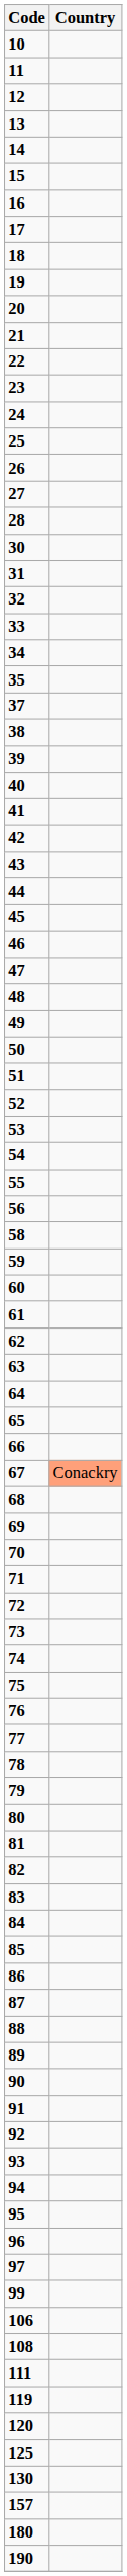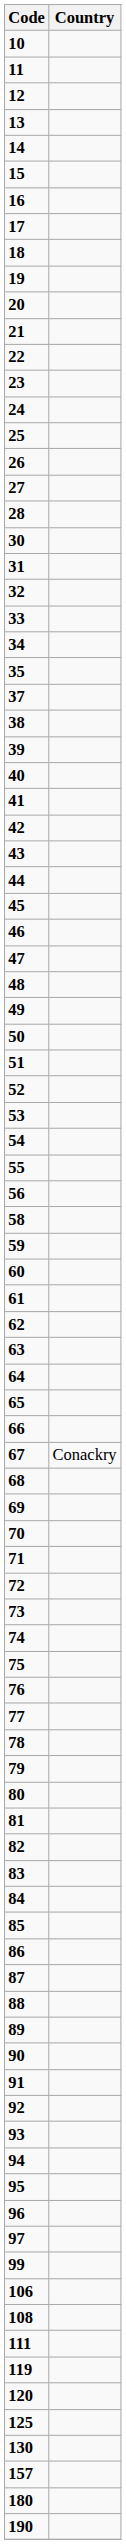 <table class="wikitable sortable mw-collapsible mw-collapsed">
 <tr>
 <th>Code</th>
 <th>Country</th>
 </tr>
 <tr>
 <td><strong>10</strong></td>
 <td></td>
 </tr>
 <tr>
 <td><strong>11</strong></td>
 <td></td>
 </tr>
 <tr>
 <td><strong>12</strong></td>
 <td></td>
 </tr>
 <tr>
 <td><strong>13</strong></td>
 <td></td>
 </tr>
 <tr>
 <td><strong>14</strong></td>
 <td></td>
 </tr>
 <tr>
 <td><strong>15</strong></td>
 <td></td>
 </tr>
 <tr>
 <td><strong>16</strong></td>
 <td></td>
 </tr>
 <tr>
 <td><strong>17</strong></td>
 <td></td>
 </tr>
 <tr>
 <td><strong>18</strong></td>
 <td></td>
 </tr>
 <tr>
 <td><strong>19</strong></td>
 <td></td>
 </tr>
 <tr>
 <td><strong>20</strong></td>
 <td></td>
 </tr>
 <tr>
 <td><strong>21</strong></td>
 <td></td>
 </tr>
 <tr>
 <td><strong>22</strong></td>
 <td></td>
 </tr>
 <tr>
 <td><strong>23</strong></td>
 <td></td>
 </tr>
 <tr>
 <td><strong>24</strong></td>
 <td></td>
 </tr>
 <tr>
 <td><strong>25</strong></td>
 <td></td>
 </tr>
 <tr>
 <td><strong>26</strong></td>
 <td></td>
 </tr>
 <tr>
 <td><strong>27</strong></td>
 <td></td>
 </tr>
 <tr>
 <td><strong>28</strong></td>
 <td></td>
 </tr>
 <tr>
 <td><strong>30</strong></td>
 <td></td>
 </tr>
 <tr>
 <td><strong>31</strong></td>
 <td></td>
 </tr>
 <tr>
 <td><strong>32</strong></td>
 <td></td>
 </tr>
 <tr>
 <td><strong>33</strong></td>
 <td></td>
 </tr>
 <tr>
 <td><strong>34</strong></td>
 <td></td>
 </tr>
 <tr>
 <td><strong>35</strong></td>
 <td></td>
 </tr>
 <tr>
 <td><strong>37</strong></td>
 <td></td>
 </tr>
 <tr>
 <td><strong>38</strong></td>
 <td></td>
 </tr>
 <tr>
 <td><strong>39</strong></td>
 <td></td>
 </tr>
 <tr>
 <td><strong>40</strong></td>
 <td></td>
 </tr>
 <tr>
 <td><strong>41</strong></td>
 <td></td>
 </tr>
 <tr>
 <td><strong>42</strong></td>
 <td></td>
 </tr>
 <tr>
 <td><strong>43</strong></td>
 <td></td>
 </tr>
 <tr>
 <td><strong>44</strong></td>
 <td></td>
 </tr>
 <tr>
 <td><strong>45</strong></td>
 <td></td>
 </tr>
 <tr>
 <td><strong>46</strong></td>
 <td></td>
 </tr>
 <tr>
 <td><strong>47</strong></td>
 <td></td>
 </tr>
 <tr>
 <td><strong>48</strong></td>
 <td></td>
 </tr>
 <tr>
 <td><strong>49</strong></td>
 <td></td>
 </tr>
 <tr>
 <td><strong>50</strong></td>
 <td></td>
 </tr>
 <tr>
 <td><strong>51</strong></td>
 <td></td>
 </tr>
 <tr>
 <td><strong>52</strong></td>
 <td></td>
 </tr>
 <tr>
 <td><strong>53</strong></td>
 <td></td>
 </tr>
 <tr>
 <td><strong>54</strong></td>
 <td></td>
 </tr>
 <tr>
 <td><strong>55</strong></td>
 <td></td>
 </tr>
 <tr>
 <td><strong>56</strong></td>
 <td></td>
 </tr>
 <tr>
 <td><strong>58</strong></td>
 <td></td>
 </tr>
 <tr>
 <td><strong>59</strong></td>
 <td></td>
 </tr>
 <tr>
 <td><strong>60</strong></td>
 <td></td>
 </tr>
 <tr>
 <td><strong>61</strong></td>
 <td></td>
 </tr>
 <tr>
 <td><strong>62</strong></td>
 <td></td>
 </tr>
 <tr>
 <td><strong>63</strong></td>
 <td></td>
 </tr>
 <tr>
 <td><strong>64</strong></td>
 <td></td>
 </tr>
 <tr>
 <td><strong>65</strong></td>
 <td></td>
 </tr>
 <tr>
 <td><strong>66</strong></td>
 <td></td>
 </tr>
 <tr>
 <td><strong>67</strong></td>
-<td style="background: lightsalmon;"> Conackry</td>
+<td> Conackry</td>
 </tr>
 <tr>
 <td><strong>68 </strong></td>
 <td></td>
 </tr>
 <tr>
 <td><strong>69</strong></td>
 <td></td>
 </tr>
 <tr>
 <td><strong>70</strong></td>
 <td></td>
 </tr>
 <tr>
 <td><strong>71</strong></td>
 <td></td>
 </tr>
 <tr>
 <td><strong>72</strong></td>
 <td></td>
 </tr>
 <tr>
 <td><strong>73</strong></td>
 <td></td>
 </tr>
 <tr>
 <td><strong>74</strong></td>
 <td></td>
 </tr>
 <tr>
 <td><strong>75</strong></td>
 <td></td>
 </tr>
 <tr>
 <td><strong>76</strong></td>
 <td></td>
 </tr>
 <tr>
 <td><strong>77</strong></td>
 <td></td>
 </tr>
 <tr>
 <td><strong>78</strong></td>
 <td></td>
 </tr>
 <tr>
 <td><strong>79</strong></td>
 <td></td>
 </tr>
 <tr>
 <td><strong>80</strong></td>
 <td></td>
 </tr>
 <tr>
 <td><strong>81</strong></td>
 <td></td>
 </tr>
 <tr>
 <td><strong>82</strong></td>
 <td></td>
 </tr>
 <tr>
 <td><strong>83</strong></td>
 <td></td>
 </tr>
 <tr>
 <td><strong>84</strong></td>
 <td></td>
 </tr>
 <tr>
 <td><strong>85</strong></td>
 <td></td>
 </tr>
 <tr>
 <td><strong>86</strong></td>
 <td></td>
 </tr>
 <tr>
 <td><strong>87</strong></td>
 <td></td>
 </tr>
 <tr>
 <td><strong>88</strong></td>
 <td></td>
 </tr>
 <tr>
 <td><strong>89</strong></td>
 <td></td>
 </tr>
 <tr>
 <td><strong>90</strong></td>
 <td></td>
 </tr>
 <tr>
 <td><strong>91</strong></td>
 <td></td>
 </tr>
 <tr>
 <td><strong>92</strong></td>
 <td></td>
 </tr>
 <tr>
 <td><strong>93</strong></td>
 <td></td>
 </tr>
 <tr>
 <td><strong>94</strong></td>
 <td></td>
 </tr>
 <tr>
 <td><strong>95</strong></td>
 <td></td>
 </tr>
 <tr>
 <td><strong>96</strong></td>
 <td></td>
 </tr>
 <tr>
 <td><strong>97</strong></td>
 <td></td>
 </tr>
 <tr>
 <td><strong>99</strong></td>
 <td></td>
 </tr>
 <tr>
 <td><strong>106</strong></td>
 <td></td>
 </tr>
 <tr>
 <td><strong>108</strong></td>
 <td></td>
 </tr>
 <tr>
 <td><strong>111</strong></td>
 <td></td>
 </tr>
 <tr>
 <td><strong>119</strong></td>
 <td></td>
 </tr>
 <tr>
 <td><strong>120</strong></td>
 <td></td>
 </tr>
 <tr>
 <td><strong>125</strong></td>
 <td></td>
 </tr>
 <tr>
 <td><strong>130</strong></td>
 <td></td>
 </tr>
 <tr>
 <td><strong>157</strong></td>
 <td></td>
 </tr>
 <tr>
 <td><strong>180</strong></td>
 <td></td>
 </tr>
 <tr>
 <td><strong>190</strong></td>
 <td></td>
 </tr>
 <tr>
 </tr>
 </table>
